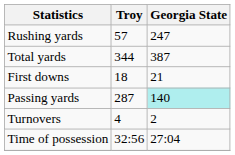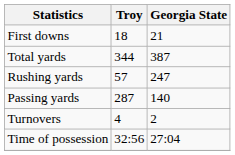 <table class="wikitable">
 <tr>
 <th>Statistics</th>
 <th>Troy</th>
 <th>Georgia State</th>
 </tr>
 <tr>
-<td>Rushing yards</td>
-<td>57</td>
-<td>247</td>
+<td>First downs</td>
+<td>18</td>
+<td>21</td>
 </tr>
 <tr>
 <td>Total yards</td>
 <td>344</td>
 <td>387</td>
 </tr>
 <tr>
-<td>First downs</td>
-<td>18</td>
-<td>21</td>
+<td>Rushing yards</td>
+<td>57</td>
+<td>247</td>
 </tr>
 <tr>
 <td>Passing yards</td>
 <td>287</td>
-<td style="background: paleturquoise;">140</td>
+<td>140</td>
 </tr>
 <tr>
 <td>Turnovers</td>
 <td>4</td>
 <td>2</td>
 </tr>
 <tr>
 <td>Time of possession</td>
 <td>32:56</td>
 <td>27:04</td>
 </tr>
 <tr>
 </tr>
 </table>
